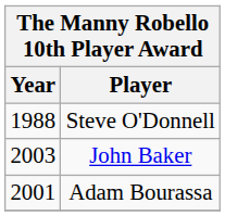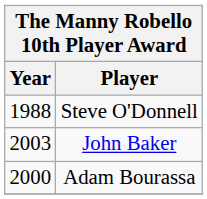 <table class="wikitable" style="display: inline-table; margin-right: 20px; text-align:center">
 <tr>
 <th scope="col" colspan="2" style="width: 145px;">The Manny Robello 10th Player Award</th>
 </tr>
 <tr>
 <th scope="col">Year</th>
 <th scope="col">Player</th>
 </tr>
 <tr>
 <td>1988</td>
 <td>Steve O'Donnell</td>
 </tr>
 <tr>
 <td>2003</td>
 <td><a href='#'>John Baker</a></td>
 </tr>
 <tr>
-<td>2001</td>
+<td>2000</td>
 <td>Adam Bourassa</td>
 </tr>
 <tr>
 </tr>
 </table>
